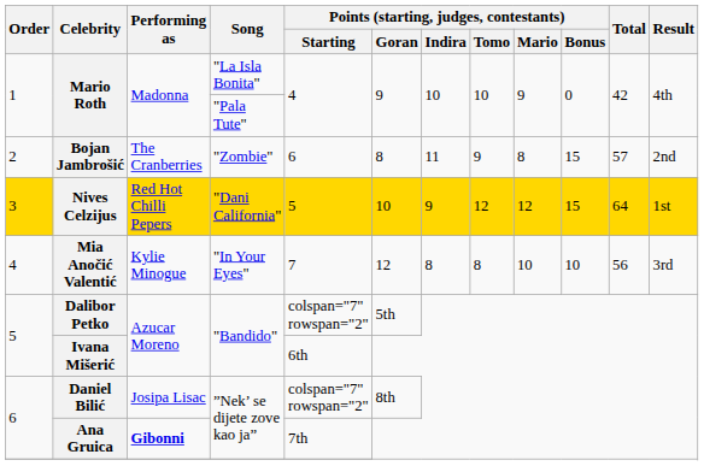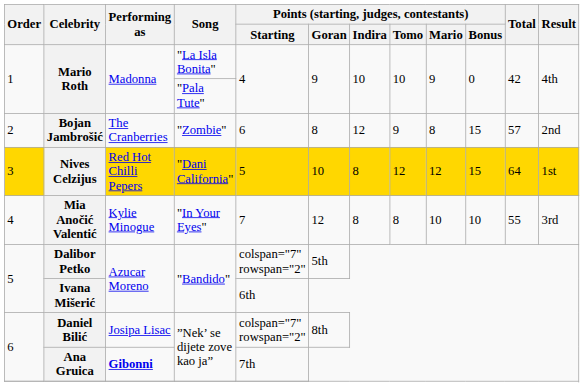 <table class=wikitable>
 <tr>
 <th rowspan="2">Order</th>
 <th rowspan="2">Celebrity</th>
 <th rowspan="2">Performing as</th>
 <th rowspan="2">Song</th>
 <th colspan="6" style="width:50%;">Points (starting, judges, contestants)</th>
 <th rowspan="2">Total</th>
 <th rowspan="2">Result</th>
 </tr>
 <tr>
 <th style="width:8%;">Starting</th>
 <th style="width:8%;">Goran</th>
 <th style="width:8%;">Indira</th>
 <th style="width:8%;">Tomo</th>
 <th style="width:8%;">Mario</th>
 <th style="width:8%;">Bonus</th>
 </tr>
 <tr>
 <td rowspan="2">1</td>
 <th scope="row" rowspan="2">Mario Roth</th>
 <td rowspan="2"><a href='#'>Madonna</a></td>
 <td>"<a href='#'>La Isla Bonita</a>"</td>
 <td rowspan="2">4</td>
 <td rowspan="2">9</td>
 <td rowspan="2">10</td>
 <td rowspan="2">10</td>
 <td rowspan="2">9</td>
 <td rowspan="2">0</td>
 <td rowspan="2">42</td>
 <td rowspan="2">4th</td>
 </tr>
 <tr>
 <td>"<a href='#'>Pala Tute</a>"</td>
 </tr>
 <tr>
 <td>2</td>
 <th scope="row">Bojan Jambrošić</th>
 <td><a href='#'>The Cranberries</a></td>
 <td>"<a href='#'>Zombie</a>"</td>
 <td>6</td>
 <td>8</td>
-<td>11</td>
+<td>12</td>
 <td>9</td>
 <td>8</td>
 <td>15</td>
 <td>57</td>
 <td>2nd</td>
 </tr>
 <tr style="background:gold;">
 <td>3</td>
 <th scope="row">Nives Celzijus</th>
 <td><a href='#'>Red Hot Chilli Pepers</a></td>
 <td>"<a href='#'>Dani California</a>"</td>
 <td>5</td>
 <td>10</td>
-<td>9</td>
+<td>8</td>
 <td>12</td>
 <td>12</td>
 <td>15</td>
 <td>64</td>
 <td>1st</td>
 </tr>
 <tr>
 <td>4</td>
 <th scope="row">Mia Anočić Valentić</th>
 <td><a href='#'>Kylie Minogue</a></td>
 <td>"<a href='#'>In Your Eyes</a>"</td>
 <td>7</td>
 <td>12</td>
 <td>8</td>
 <td>8</td>
 <td>10</td>
 <td>10</td>
-<td>56</td>
+<td>55</td>
 <td>3rd</td>
 </tr>
 <tr>
 <td rowspan="2">5</td>
 <th scope="row">Dalibor Petko</th>
 <td rowspan="2"><a href='#'>Azucar Moreno</a></td>
 <td colspan="1" rowspan="2">"<a href='#'>Bandido</a>"</td>
 <td>colspan="7" rowspan="2" </td>
 <td>5th</td>
 </tr>
 <tr>
 <th scope="row">Ivana Mišerić</th>
 <td>6th</td>
 </tr>
 <tr>
 <td rowspan="2">6</td>
 <th scope="row">Daniel Bilić</th>
 <td><a href='#'>Josipa Lisac</a></td>
 <td rowspan="2">”Nek’ se dijete zove kao ja”</td>
 <td>colspan="7" rowspan="2" </td>
 <td>8th</td>
 </tr>
 <tr>
 <th scope="row">Ana Gruica</th>
 <td><strong><a href='#'>Gibonni</a></strong></td>
 <td>7th</td>
 </tr>
 <tr>
 </tr>
 </table>
